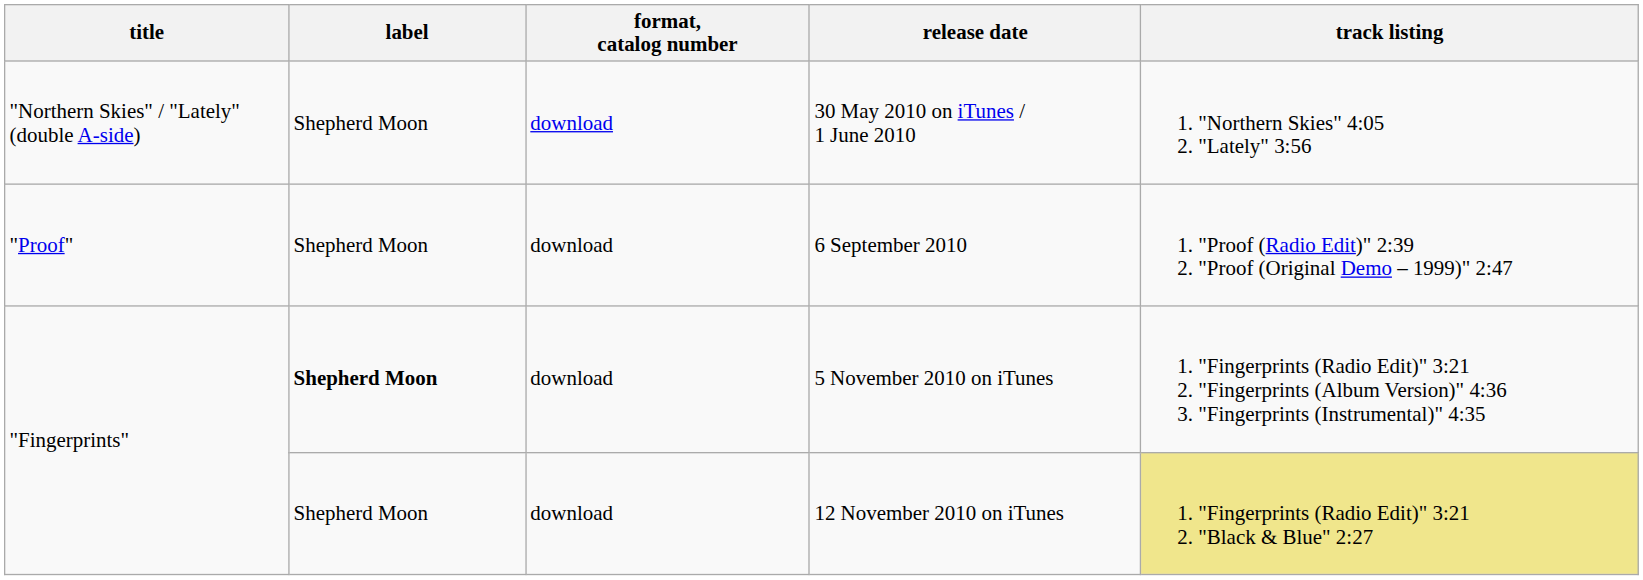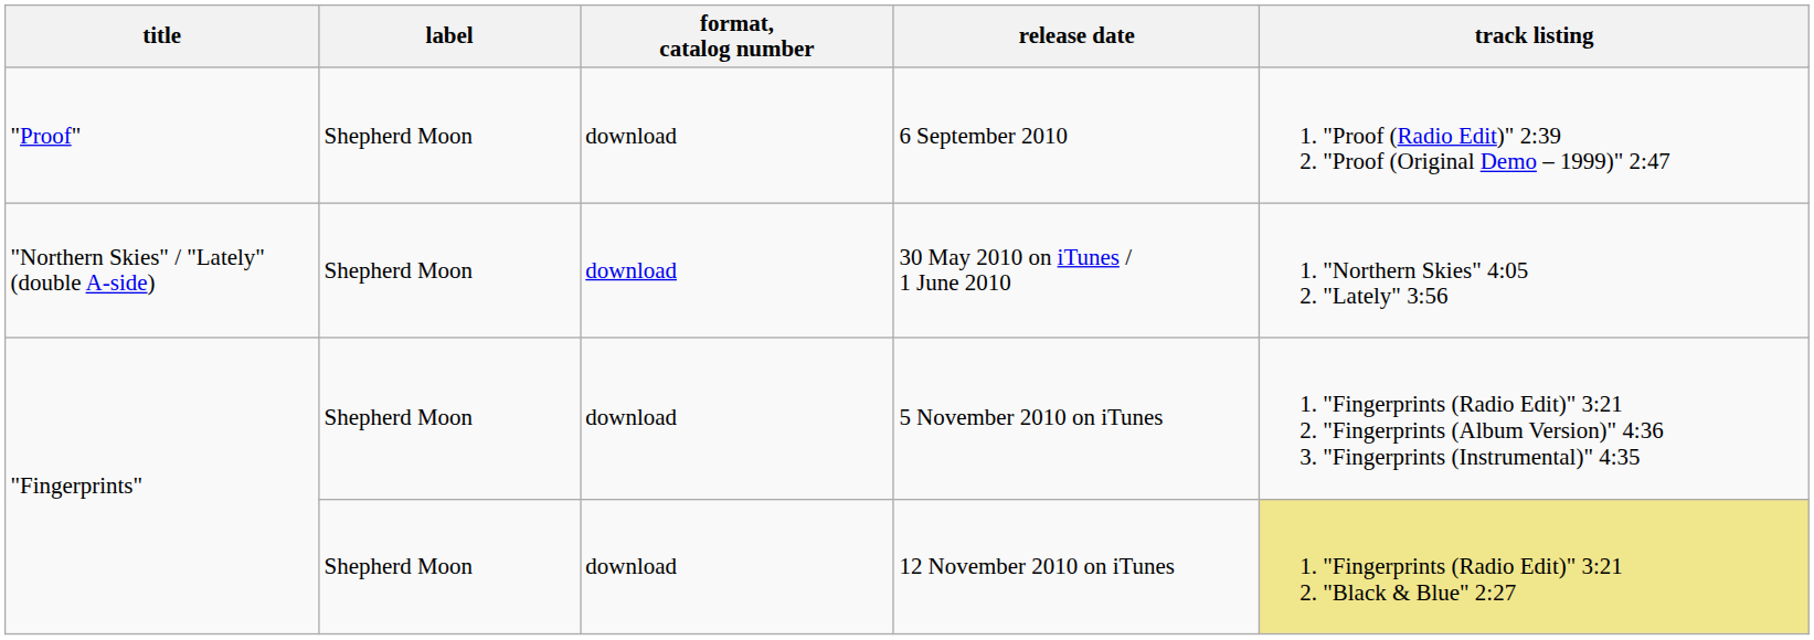 <table class="wikitable">
 <tr>
 <th style="width: 12%">title</th>
 <th style="width: 10%">label</th>
 <th style="width: 12%">format,<br>catalog number</th>
 <th style="width: 14%">release date</th>
 <th style="width: 21%">track listing</th>
 </tr>
 <tr>
+<td>"<a href='#'>Proof</a>"</td>
+<td>Shepherd Moon</td>
+<td>download</td>
+<td>6 September 2010</td>
+<td><br><ol><li>"Proof (<a href='#'>Radio Edit</a>)"	2:39</li><li>"Proof (Original <a href='#'>Demo</a> – 1999)"	2:47</li></ol></td>
+</tr>
+<tr>
 <td>"Northern Skies" / "Lately"<br> (double <a href='#'>A-side</a>)</td>
 <td>Shepherd Moon</td>
 <td><a href='#'>download</a></td>
 <td>30 May 2010 on <a href='#'>iTunes</a> /<br>1 June 2010</td>
 <td><br><ol><li>"Northern Skies"	4:05</li><li>"Lately"		3:56</li></ol></td>
 </tr>
 <tr>
-<td>"<a href='#'>Proof</a>"</td>
+<td rowspan="2">"Fingerprints"</td>
 <td>Shepherd Moon</td>
-<td>download</td>
-<td>6 September 2010</td>
-<td><br><ol><li>"Proof (<a href='#'>Radio Edit</a>)"	2:39</li><li>"Proof (Original <a href='#'>Demo</a> – 1999)"	2:47</li></ol></td>
-</tr>
-<tr>
-<td rowspan="2">"Fingerprints"</td>
-<td><strong>Shepherd Moon</strong></td>
 <td>download</td>
 <td>5 November 2010 on iTunes</td>
 <td><br><ol><li>"Fingerprints (Radio Edit)"		3:21</li><li>"Fingerprints (Album Version)"	4:36</li><li>"Fingerprints (Instrumental)"		4:35</li></ol></td>
 </tr>
 <tr>
 <td>Shepherd Moon</td>
 <td>download</td>
 <td>12 November 2010 on iTunes</td>
 <td style="background: khaki;"><br><ol><li>"Fingerprints (Radio Edit)"	3:21</li><li>"Black & Blue"		2:27</li></ol></td>
 </tr>
 </table>
